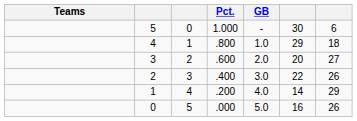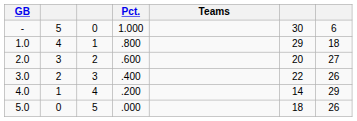 <table class="wikitable" style="text-align:center;">
 <tr>
-<th width=200px>Teams</th>
+<th width=50px><a href='#'>GB</a></th>
 <th width=50px></th>
 <th width=50px></th>
 <th width=50px><a href='#'>Pct.</a></th>
-<th width=50px><a href='#'>GB</a></th>
+<th width=200px>Teams</th>
 <th width=50px></th>
 <th width=50px></th>
 </tr>
 <tr style = "background-color:">
-<td align = left></td>
+<td>-</td>
 <td>5</td>
 <td>0</td>
 <td>1.000</td>
-<td>-</td>
+<td align = left></td>
 <td>30</td>
 <td>6</td>
 </tr>
 <tr style = "background-color:">
-<td align = left></td>
+<td>1.0</td>
 <td>4</td>
 <td>1</td>
 <td>.800</td>
-<td>1.0</td>
+<td align = left></td>
 <td>29</td>
 <td>18</td>
 </tr>
 <tr style = "background-color:">
-<td align = left></td>
+<td>2.0</td>
 <td>3</td>
 <td>2</td>
 <td>.600</td>
-<td>2.0</td>
+<td align = left></td>
 <td>20</td>
 <td>27</td>
 </tr>
 <tr style = "background-color:">
-<td align = left></td>
+<td>3.0</td>
 <td>2</td>
 <td>3</td>
 <td>.400</td>
-<td>3.0</td>
+<td align = left></td>
 <td>22</td>
 <td>26</td>
 </tr>
 <tr style = "background-color:">
-<td align = left></td>
+<td>4.0</td>
 <td>1</td>
 <td>4</td>
 <td>.200</td>
-<td>4.0</td>
+<td align = left></td>
 <td>14</td>
 <td>29</td>
 </tr>
 <tr style = "background-color:">
-<td align = left></td>
+<td>5.0</td>
 <td>0</td>
 <td>5</td>
 <td>.000</td>
-<td>5.0</td>
-<td>16</td>
+<td align = left></td>
+<td>18</td>
 <td>26</td>
 </tr>
 </table>
